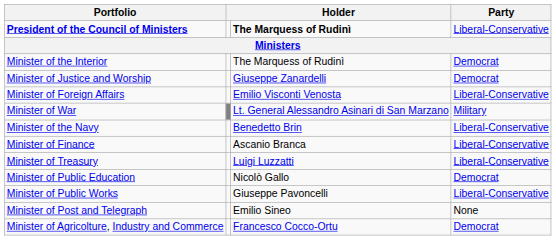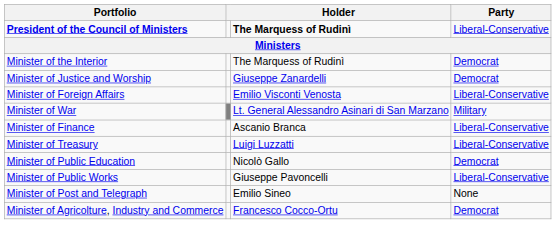 <table class="wikitable">
 <tr>
 <th>Portfolio</th>
 <th colspan=2>Holder</th>
 <th>Party</th>
 </tr>
 <tr>
 <td><strong><a href='#'>President of the Council of Ministers</a></strong></td>
 <td style="background:"></td>
 <td><strong>The Marquess of Rudinì</strong></td>
 <td><a href='#'>Liberal-Conservative</a></td>
 </tr>
 <tr>
 <th colspan=4 align=center><a href='#'>Ministers</a></th>
 </tr>
 <tr>
 <td><a href='#'>Minister of the Interior</a></td>
 <td style="background:"></td>
 <td>The Marquess of Rudinì</td>
 <td><a href='#'>Democrat</a></td>
 </tr>
 <tr>
 <td><a href='#'>Minister of Justice and Worship</a></td>
 <td style="background:"></td>
 <td><a href='#'>Giuseppe Zanardelli</a></td>
 <td><a href='#'>Democrat</a></td>
 </tr>
 <tr>
 <td><a href='#'>Minister of Foreign Affairs</a></td>
 <td style="background:"></td>
 <td><a href='#'>Emilio Visconti Venosta</a></td>
 <td><a href='#'>Liberal-Conservative</a></td>
 </tr>
 <tr>
 <td><a href='#'>Minister of War</a></td>
 <td style="background:#808080;"></td>
 <td><a href='#'>Lt. General Alessandro Asinari di San Marzano</a></td>
 <td><a href='#'>Military</a></td>
 </tr>
 <tr>
-<td><a href='#'>Minister of the Navy</a></td>
-<td style="background:"></td>
-<td><a href='#'>Benedetto Brin</a></td>
-<td><a href='#'>Liberal-Conservative</a></td>
-</tr>
-<tr>
 <td><a href='#'>Minister of Finance</a></td>
 <td style="background:"></td>
 <td>Ascanio Branca</td>
 <td><a href='#'>Liberal-Conservative</a></td>
 </tr>
 <tr>
 <td><a href='#'>Minister of Treasury</a></td>
 <td style="background:"></td>
 <td><a href='#'>Luigi Luzzatti</a></td>
 <td><a href='#'>Liberal-Conservative</a></td>
 </tr>
 <tr>
 <td><a href='#'>Minister of Public Education</a></td>
 <td style="background:"></td>
 <td>Nicolò Gallo</td>
 <td><a href='#'>Democrat</a></td>
 </tr>
 <tr>
 <td><a href='#'>Minister of Public Works</a></td>
 <td style="background:"></td>
 <td>Giuseppe Pavoncelli</td>
 <td><a href='#'>Liberal-Conservative</a></td>
 </tr>
 <tr>
 <td><a href='#'>Minister of Post and Telegraph</a></td>
 <td style="background:"></td>
 <td>Emilio Sineo</td>
 <td>None</td>
 </tr>
 <tr>
 <td><a href='#'>Minister of Agricolture</a>, <a href='#'>Industry and Commerce</a></td>
 <td style="background:"></td>
 <td><a href='#'>Francesco Cocco-Ortu</a></td>
 <td><a href='#'>Democrat</a></td>
 </tr>
 </table>
